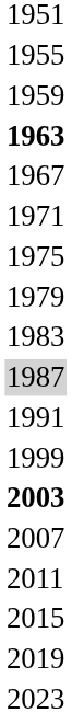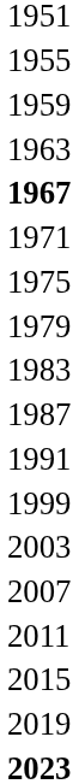 <table>
 <tr>
 <td>1951</td>
 <td></td>
 <td></td>
 <td></td>
 </tr>
 <tr>
 <td>1955</td>
 <td></td>
 <td></td>
 <td></td>
 </tr>
 <tr>
 <td>1959</td>
 <td></td>
 <td></td>
 <td></td>
 </tr>
 <tr>
-<td><strong>1963</strong></td>
+<td>1963</td>
 <td></td>
 <td></td>
 <td></td>
 </tr>
 <tr>
-<td>1967</td>
+<td><strong>1967</strong></td>
 <td></td>
 <td></td>
 <td></td>
 </tr>
 <tr>
 <td>1971</td>
 <td></td>
 <td></td>
 <td></td>
 </tr>
 <tr>
 <td>1975</td>
 <td></td>
 <td></td>
 <td></td>
 </tr>
 <tr>
 <td>1979</td>
 <td></td>
 <td></td>
 <td></td>
 </tr>
 <tr>
 <td>1983</td>
 <td></td>
 <td></td>
 <td></td>
 </tr>
 <tr>
-<td style="background: lightgrey;">1987</td>
+<td>1987</td>
 <td></td>
 <td></td>
 <td></td>
 </tr>
 <tr>
 <td>1991</td>
 <td></td>
 <td></td>
 <td></td>
 </tr>
 <tr>
 <td>1999</td>
 <td></td>
 <td></td>
 <td></td>
 </tr>
 <tr>
-<td><strong>2003</strong></td>
+<td>2003</td>
 <td></td>
 <td></td>
 <td></td>
 </tr>
 <tr>
 <td>2007</td>
 <td></td>
 <td></td>
 <td></td>
 </tr>
 <tr>
 <td>2011<br></td>
 <td></td>
 <td></td>
 <td></td>
 </tr>
 <tr>
 <td>2015<br></td>
 <td></td>
 <td></td>
 <td></td>
 </tr>
 <tr>
 <td>2019<br></td>
 <td></td>
 <td></td>
 <td></td>
 </tr>
 <tr>
-<td>2023<br></td>
+<td><strong>2023<br></strong></td>
 <td></td>
 <td></td>
 <td></td>
 </tr>
 </table>
